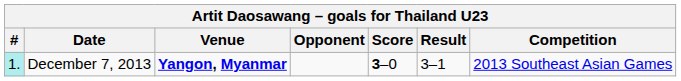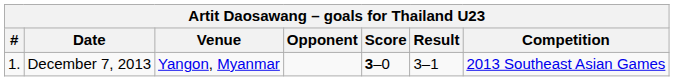 <table class="wikitable collapsible collapsed">
 <tr>
 <th colspan="8"><strong>Artit Daosawang – goals for Thailand U23</strong></th>
 </tr>
 <tr>
 <th>#</th>
 <th>Date</th>
 <th>Venue</th>
 <th>Opponent</th>
 <th>Score</th>
 <th>Result</th>
 <th>Competition</th>
 </tr>
 <tr>
-<td style="background: paleturquoise;">1.</td>
+<td>1.</td>
 <td>December 7, 2013</td>
-<td><strong><a href='#'>Yangon</a>, <a href='#'>Myanmar</a></strong></td>
+<td><a href='#'>Yangon</a>, <a href='#'>Myanmar</a></td>
 <td></td>
 <td><strong>3</strong>–0</td>
 <td>3–1</td>
 <td><a href='#'>2013 Southeast Asian Games</a></td>
 </tr>
 </table>
